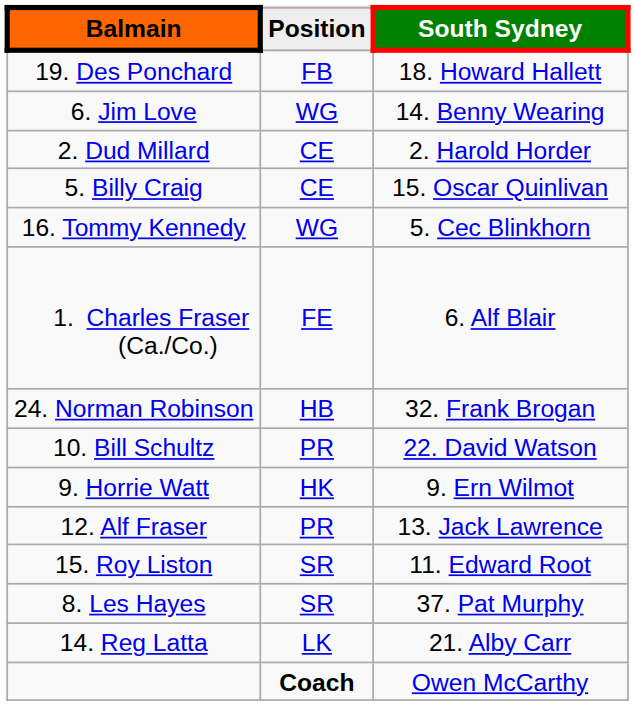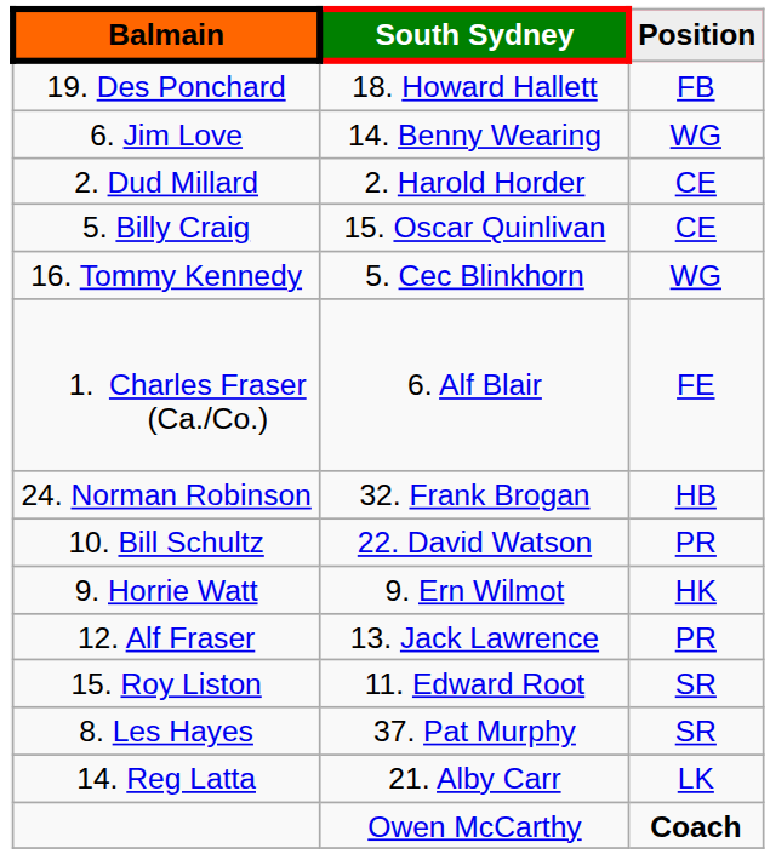 <table align="right" class="wikitable" style="font-size:90%; margin-left:1em">
 <tr bgcolor="#FF0033">
 <th style="width:140px; border:3px solid black; background: #f60; color: black">Balmain</th>
+<th style="width:140px; border:3px solid red; background: green; color: white">South Sydney</th>
 <th style="width:40px; text-align:center; background:#eee; color:black;">Position</th>
-<th style="width:140px; border:3px solid red; background: green; color: white">South Sydney</th>
 </tr>
 <tr align=center>
 <td>19. <a href='#'>Des Ponchard</a></td>
+<td>18. <a href='#'>Howard Hallett</a></td>
 <td><a href='#'>FB</a></td>
-<td>18. <a href='#'>Howard Hallett</a></td>
 </tr>
 <tr align=center>
 <td>6. <a href='#'>Jim Love</a></td>
+<td>14. <a href='#'>Benny Wearing</a></td>
 <td><a href='#'>WG</a></td>
-<td>14. <a href='#'>Benny Wearing</a></td>
 </tr>
 <tr align=center>
 <td>2. <a href='#'>Dud Millard</a></td>
+<td>2. <a href='#'>Harold Horder</a></td>
 <td><a href='#'>CE</a></td>
-<td>2. <a href='#'>Harold Horder</a></td>
 </tr>
 <tr align=center>
 <td>5. <a href='#'>Billy Craig</a></td>
+<td>15. <a href='#'>Oscar Quinlivan</a></td>
 <td><a href='#'>CE</a></td>
-<td>15. <a href='#'>Oscar Quinlivan</a></td>
 </tr>
 <tr align=center>
 <td>16. <a href='#'>Tommy Kennedy</a></td>
+<td>5. <a href='#'>Cec Blinkhorn</a></td>
 <td><a href='#'>WG</a></td>
-<td>5. <a href='#'>Cec Blinkhorn</a></td>
 </tr>
 <tr align=center>
 <td><br><ol><li><a href='#'>Charles Fraser</a> (Ca./Co.)</li></ol></td>
+<td>6. <a href='#'>Alf Blair</a></td>
 <td><a href='#'>FE</a></td>
-<td>6. <a href='#'>Alf Blair</a></td>
 </tr>
 <tr align=center>
 <td>24. <a href='#'>Norman Robinson</a></td>
+<td>32. <a href='#'>Frank Brogan</a></td>
 <td><a href='#'>HB</a></td>
-<td>32. <a href='#'>Frank Brogan</a></td>
 </tr>
 <tr align=center>
 <td>10. <a href='#'>Bill Schultz</a></td>
+<td><a href='#'>22. David Watson</a></td>
 <td><a href='#'>PR</a></td>
-<td><a href='#'>22. David Watson</a></td>
 </tr>
 <tr align=center>
 <td>9. <a href='#'>Horrie Watt</a></td>
+<td>9. <a href='#'>Ern Wilmot</a></td>
 <td><a href='#'>HK</a></td>
-<td>9. <a href='#'>Ern Wilmot</a></td>
 </tr>
 <tr align=center>
 <td>12. <a href='#'>Alf Fraser</a></td>
+<td>13. <a href='#'>Jack Lawrence</a></td>
 <td><a href='#'>PR</a></td>
-<td>13. <a href='#'>Jack Lawrence</a></td>
 </tr>
 <tr align=center>
 <td>15. <a href='#'>Roy Liston</a></td>
+<td>11. <a href='#'>Edward Root</a></td>
 <td><a href='#'>SR</a></td>
-<td>11. <a href='#'>Edward Root</a></td>
 </tr>
 <tr align=center>
 <td>8. <a href='#'>Les Hayes</a></td>
+<td>37. <a href='#'>Pat Murphy</a></td>
 <td><a href='#'>SR</a></td>
-<td>37. <a href='#'>Pat Murphy</a></td>
 </tr>
 <tr align=center>
 <td>14. <a href='#'>Reg Latta</a></td>
+<td>21. <a href='#'>Alby Carr</a></td>
 <td><a href='#'>LK</a></td>
-<td>21. <a href='#'>Alby Carr</a></td>
 </tr>
 <tr align=center>
 <td></td>
+<td><a href='#'>Owen McCarthy</a></td>
 <td><strong>Coach</strong></td>
-<td><a href='#'>Owen McCarthy</a></td>
 </tr>
 </table>
